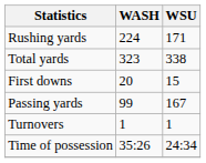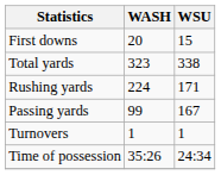 <table class="wikitable" style="float: left;">
 <tr>
 <th>Statistics</th>
 <th>WASH</th>
 <th>WSU</th>
 </tr>
 <tr>
-<td>Rushing yards</td>
-<td>224</td>
-<td>171</td>
+<td>First downs</td>
+<td>20</td>
+<td>15</td>
 </tr>
 <tr>
 <td>Total yards</td>
 <td>323</td>
 <td>338</td>
 </tr>
 <tr>
-<td>First downs</td>
-<td>20</td>
-<td>15</td>
+<td>Rushing yards</td>
+<td>224</td>
+<td>171</td>
 </tr>
 <tr>
 <td>Passing yards</td>
 <td>99</td>
 <td>167</td>
 </tr>
 <tr>
 <td>Turnovers</td>
 <td>1</td>
 <td>1</td>
 </tr>
 <tr>
 <td>Time of possession</td>
 <td>35:26</td>
 <td>24:34</td>
 </tr>
 <tr>
 </tr>
 </table>
